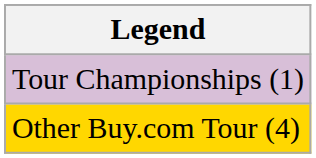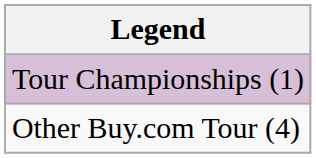 <table class="wikitable" style="font-size:95%;">
 <tr>
 <th>Legend</th>
 </tr>
 <tr style="background:thistle;">
 <td>Tour Championships (1)</td>
 </tr>
 <tr>
-<td style="background: gold;">Other Buy.com Tour (4)</td>
+<td>Other Buy.com Tour (4)</td>
 </tr>
 </table>
